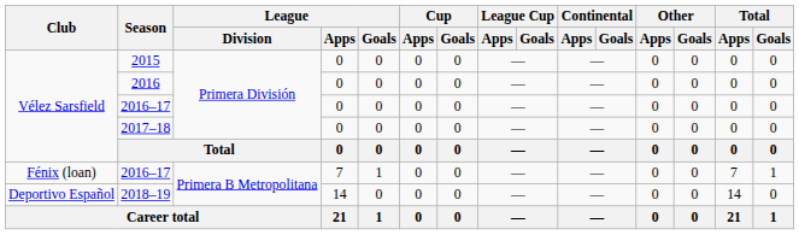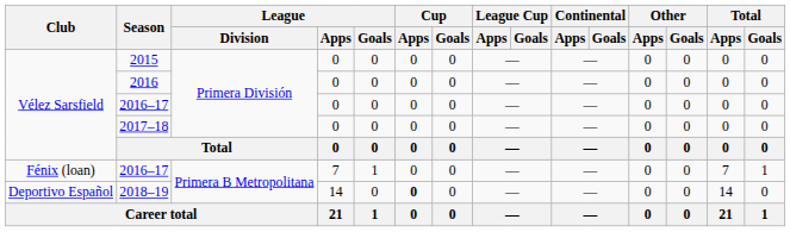 <table class="wikitable" style="text-align:center">
 <tr>
 <th rowspan="2">Club</th>
 <th rowspan="2">Season</th>
 <th colspan="3">League</th>
 <th colspan="2">Cup</th>
 <th colspan="2">League Cup</th>
 <th colspan="2">Continental</th>
 <th colspan="2">Other</th>
 <th colspan="2">Total</th>
 </tr>
 <tr>
 <th>Division</th>
 <th>Apps</th>
 <th>Goals</th>
 <th>Apps</th>
 <th>Goals</th>
 <th>Apps</th>
 <th>Goals</th>
 <th>Apps</th>
 <th>Goals</th>
 <th>Apps</th>
 <th>Goals</th>
 <th>Apps</th>
 <th>Goals</th>
 </tr>
 <tr>
 <td rowspan="5"><a href='#'>Vélez Sarsfield</a></td>
 <td><a href='#'>2015</a></td>
 <td rowspan="4"><a href='#'>Primera División</a></td>
 <td>0</td>
 <td>0</td>
 <td>0</td>
 <td>0</td>
 <td colspan="2">—</td>
 <td colspan="2">—</td>
 <td>0</td>
 <td>0</td>
 <td>0</td>
 <td>0</td>
 </tr>
 <tr>
 <td><a href='#'>2016</a></td>
 <td>0</td>
 <td>0</td>
 <td>0</td>
 <td>0</td>
 <td colspan="2">—</td>
 <td colspan="2">—</td>
 <td>0</td>
 <td>0</td>
 <td>0</td>
 <td>0</td>
 </tr>
 <tr>
 <td><a href='#'>2016–17</a></td>
 <td>0</td>
 <td>0</td>
 <td>0</td>
 <td>0</td>
 <td colspan="2">—</td>
 <td colspan="2">—</td>
 <td>0</td>
 <td>0</td>
 <td>0</td>
 <td>0</td>
 </tr>
 <tr>
 <td><a href='#'>2017–18</a></td>
 <td>0</td>
 <td>0</td>
 <td>0</td>
 <td>0</td>
 <td colspan="2">—</td>
 <td colspan="2">—</td>
 <td>0</td>
 <td>0</td>
 <td>0</td>
 <td>0</td>
 </tr>
 <tr>
 <th colspan="2">Total</th>
 <th>0</th>
 <th>0</th>
 <th>0</th>
 <th>0</th>
 <th colspan="2">—</th>
 <th colspan="2">—</th>
 <th>0</th>
 <th>0</th>
 <th>0</th>
 <th>0</th>
 </tr>
 <tr>
 <td rowspan="1"><a href='#'>Fénix</a> (loan)</td>
 <td><a href='#'>2016–17</a></td>
 <td rowspan="2"><a href='#'>Primera B Metropolitana</a></td>
 <td>7</td>
 <td>1</td>
 <td>0</td>
 <td>0</td>
 <td colspan="2">—</td>
 <td colspan="2">—</td>
 <td>0</td>
 <td>0</td>
 <td>7</td>
 <td>1</td>
 </tr>
 <tr>
 <td rowspan="1"><a href='#'>Deportivo Español</a></td>
 <td><a href='#'>2018–19</a></td>
 <td>14</td>
 <td>0</td>
-<td>0</td>
+<td><strong>0</strong></td>
 <td>0</td>
 <td colspan="2">—</td>
 <td colspan="2">—</td>
 <td>0</td>
 <td>0</td>
 <td>14</td>
 <td>0</td>
 </tr>
 <tr>
 <th colspan="3">Career total</th>
 <th>21</th>
 <th>1</th>
 <th>0</th>
 <th>0</th>
 <th colspan="2">—</th>
 <th colspan="2">—</th>
 <th>0</th>
 <th>0</th>
 <th>21</th>
 <th>1</th>
 </tr>
 </table>
